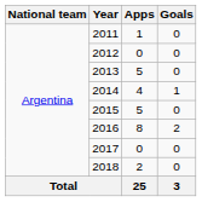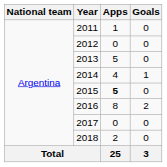 <table class="wikitable" style="text-align:center">
 <tr>
 <th>National team</th>
 <th>Year</th>
 <th>Apps</th>
 <th>Goals</th>
 </tr>
 <tr>
 <td rowspan="8"><a href='#'>Argentina</a></td>
 <td>2011</td>
 <td>1</td>
 <td>0</td>
 </tr>
 <tr>
 <td>2012</td>
 <td>0</td>
 <td>0</td>
 </tr>
 <tr>
 <td>2013</td>
 <td>5</td>
 <td>0</td>
 </tr>
 <tr>
 <td>2014</td>
 <td>4</td>
 <td>1</td>
 </tr>
 <tr>
 <td>2015</td>
-<td>5</td>
+<td><strong>5</strong></td>
 <td>0</td>
 </tr>
 <tr>
 <td>2016</td>
 <td>8</td>
 <td>2</td>
 </tr>
 <tr>
 <td>2017</td>
 <td>0</td>
 <td>0</td>
 </tr>
 <tr>
 <td>2018</td>
 <td>2</td>
 <td>0</td>
 </tr>
 <tr>
 <th colspan="2">Total</th>
 <th>25</th>
 <th>3</th>
 </tr>
 </table>
